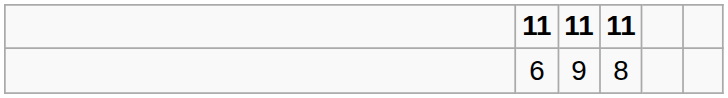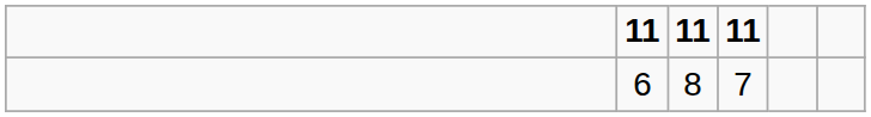 <table class="wikitable">
 <tr>
 <td style="width:18em"><strong></strong></td>
 <td align=center style="width:1em"><strong>11</strong></td>
 <td align=center style="width:1em"><strong>11</strong></td>
 <td align=center style="width:1em"><strong>11</strong></td>
 <td align=center style="width:1em"></td>
 <td align=center style="width:1em"></td>
 </tr>
 <tr>
 <td style="width:18em"></td>
 <td align=center style="width:1em">6</td>
-<td align=center style="width:1em">9</td>
 <td align=center style="width:1em">8</td>
+<td align=center style="width:1em">7</td>
 <td align=center style="width:1em"></td>
 <td align=center style="width:1em"></td>
 </tr>
 </table>
